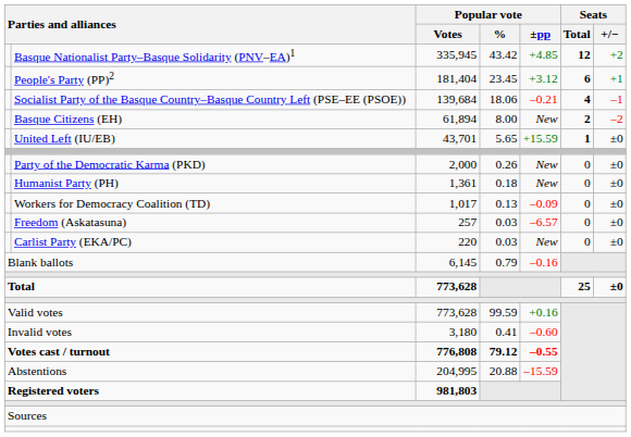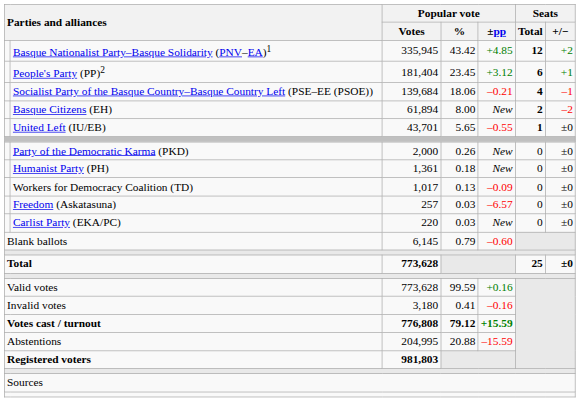 <table class="wikitable" style="text-align:right;">
 <tr>
 <th style="text-align:left;" rowspan="2" colspan="2" width="525">Parties and alliances</th>
 <th colspan="3">Popular vote</th>
 <th colspan="2">Seats</th>
 </tr>
 <tr>
 <th width="75">Votes</th>
 <th width="45">%</th>
 <th width="45">±<a href='#'>pp</a></th>
 <th width="35">Total</th>
 <th width="35">+/−</th>
 </tr>
 <tr>
 <td width="1" style="color:inherit;background:"></td>
 <td align="left"><a href='#'>Basque Nationalist Party–Basque Solidarity</a> (<a href='#'>PNV</a>–<a href='#'>EA</a>)<sup>1</sup></td>
 <td>335,945</td>
 <td>43.42</td>
 <td style="color:green;">+4.85</td>
 <td><strong>12</strong></td>
 <td style="color:green;">+2</td>
 </tr>
 <tr>
 <td style="color:inherit;background:"></td>
 <td align="left"><a href='#'>People's Party</a> (PP)<sup>2</sup></td>
 <td>181,404</td>
 <td>23.45</td>
 <td style="color:green;">+3.12</td>
 <td><strong>6</strong></td>
 <td style="color:green;">+1</td>
 </tr>
 <tr>
 <td style="color:inherit;background:"></td>
 <td align="left"><a href='#'>Socialist Party of the Basque Country–Basque Country Left</a> (PSE–EE (PSOE))</td>
 <td>139,684</td>
 <td>18.06</td>
 <td style="color:red;">–0.21</td>
 <td><strong>4</strong></td>
 <td style="color:red;">–1</td>
 </tr>
 <tr>
 <td style="color:inherit;background:"></td>
 <td align="left"><a href='#'>Basque Citizens</a> (EH)</td>
 <td>61,894</td>
 <td>8.00</td>
 <td><em>New</em></td>
 <td><strong>2</strong></td>
 <td style="color:red;">–2</td>
 </tr>
 <tr>
 <td style="color:inherit;background:"></td>
 <td align="left"><a href='#'>United Left</a> (IU/EB)</td>
 <td>43,701</td>
 <td>5.65</td>
-<td style="color:green;">+15.59</td>
+<td style="color:red;">–0.55</td>
 <td><strong>1</strong></td>
 <td>±0</td>
 </tr>
 <tr>
 <td colspan="7" bgcolor="#C0C0C0"></td>
 </tr>
 <tr>
 <td style="color:inherit;background:"></td>
 <td align="left"><a href='#'>Party of the Democratic Karma</a> (PKD)</td>
 <td>2,000</td>
 <td>0.26</td>
 <td><em>New</em></td>
 <td>0</td>
 <td>±0</td>
 </tr>
 <tr>
 <td style="color:inherit;background:"></td>
 <td align="left"><a href='#'>Humanist Party</a> (PH)</td>
 <td>1,361</td>
 <td>0.18</td>
 <td><em>New</em></td>
 <td>0</td>
 <td>±0</td>
 </tr>
 <tr>
 <td style="color:inherit;background:"></td>
 <td align="left">Workers for Democracy Coalition (TD)</td>
 <td>1,017</td>
 <td>0.13</td>
 <td style="color:red;">–0.09</td>
 <td>0</td>
 <td>±0</td>
 </tr>
 <tr>
 <td style="color:inherit;background:"></td>
 <td align="left"><a href='#'>Freedom</a> (Askatasuna)</td>
 <td>257</td>
 <td>0.03</td>
 <td style="color:red;">–6.57</td>
 <td>0</td>
 <td>±0</td>
 </tr>
 <tr>
 <td style="color:inherit;background:"></td>
 <td align="left"><a href='#'>Carlist Party</a> (EKA/PC)</td>
 <td>220</td>
 <td>0.03</td>
 <td><em>New</em></td>
 <td>0</td>
 <td>±0</td>
 </tr>
 <tr>
 <td align="left" colspan="2">Blank ballots</td>
 <td>6,145</td>
 <td>0.79</td>
-<td style="color:red;">–0.16</td>
+<td style="color:red;">–0.60</td>
 <td bgcolor="#E9E9E9" colspan="2"></td>
 </tr>
 <tr>
 <td colspan="7" bgcolor="#E9E9E9"></td>
 </tr>
 <tr style="font-weight:bold;">
 <td align="left" colspan="2">Total</td>
 <td>773,628</td>
 <td bgcolor="#E9E9E9" colspan="2"></td>
 <td>25</td>
 <td>±0</td>
 </tr>
 <tr>
 <td colspan="7" bgcolor="#E9E9E9"></td>
 </tr>
 <tr>
 <td align="left" colspan="2">Valid votes</td>
 <td>773,628</td>
 <td>99.59</td>
 <td style="color:green;">+0.16</td>
 <td bgcolor="#E9E9E9" colspan="2" rowspan="5"></td>
 </tr>
 <tr>
 <td align="left" colspan="2">Invalid votes</td>
 <td>3,180</td>
 <td>0.41</td>
-<td style="color:red;">–0.60</td>
+<td style="color:red;">–0.16</td>
 </tr>
 <tr style="font-weight:bold;">
 <td align="left" colspan="2">Votes cast / turnout</td>
 <td>776,808</td>
 <td>79.12</td>
-<td style="color:red;">–0.55</td>
+<td style="color:green;">+15.59</td>
 </tr>
 <tr>
 <td align="left" colspan="2">Abstentions</td>
 <td>204,995</td>
 <td>20.88</td>
 <td style="color:red;">–15.59</td>
 </tr>
 <tr style="font-weight:bold;">
 <td align="left" colspan="2">Registered voters</td>
 <td>981,803</td>
 <td bgcolor="#E9E9E9" colspan="2"></td>
 </tr>
 <tr>
 <td colspan="7" bgcolor="#E9E9E9"></td>
 </tr>
 <tr>
 <td align="left" colspan="7">Sources</td>
 </tr>
 <tr>
 <td colspan="7" style="text-align:left; max-width:790px;"></td>
 </tr>
 </table>
